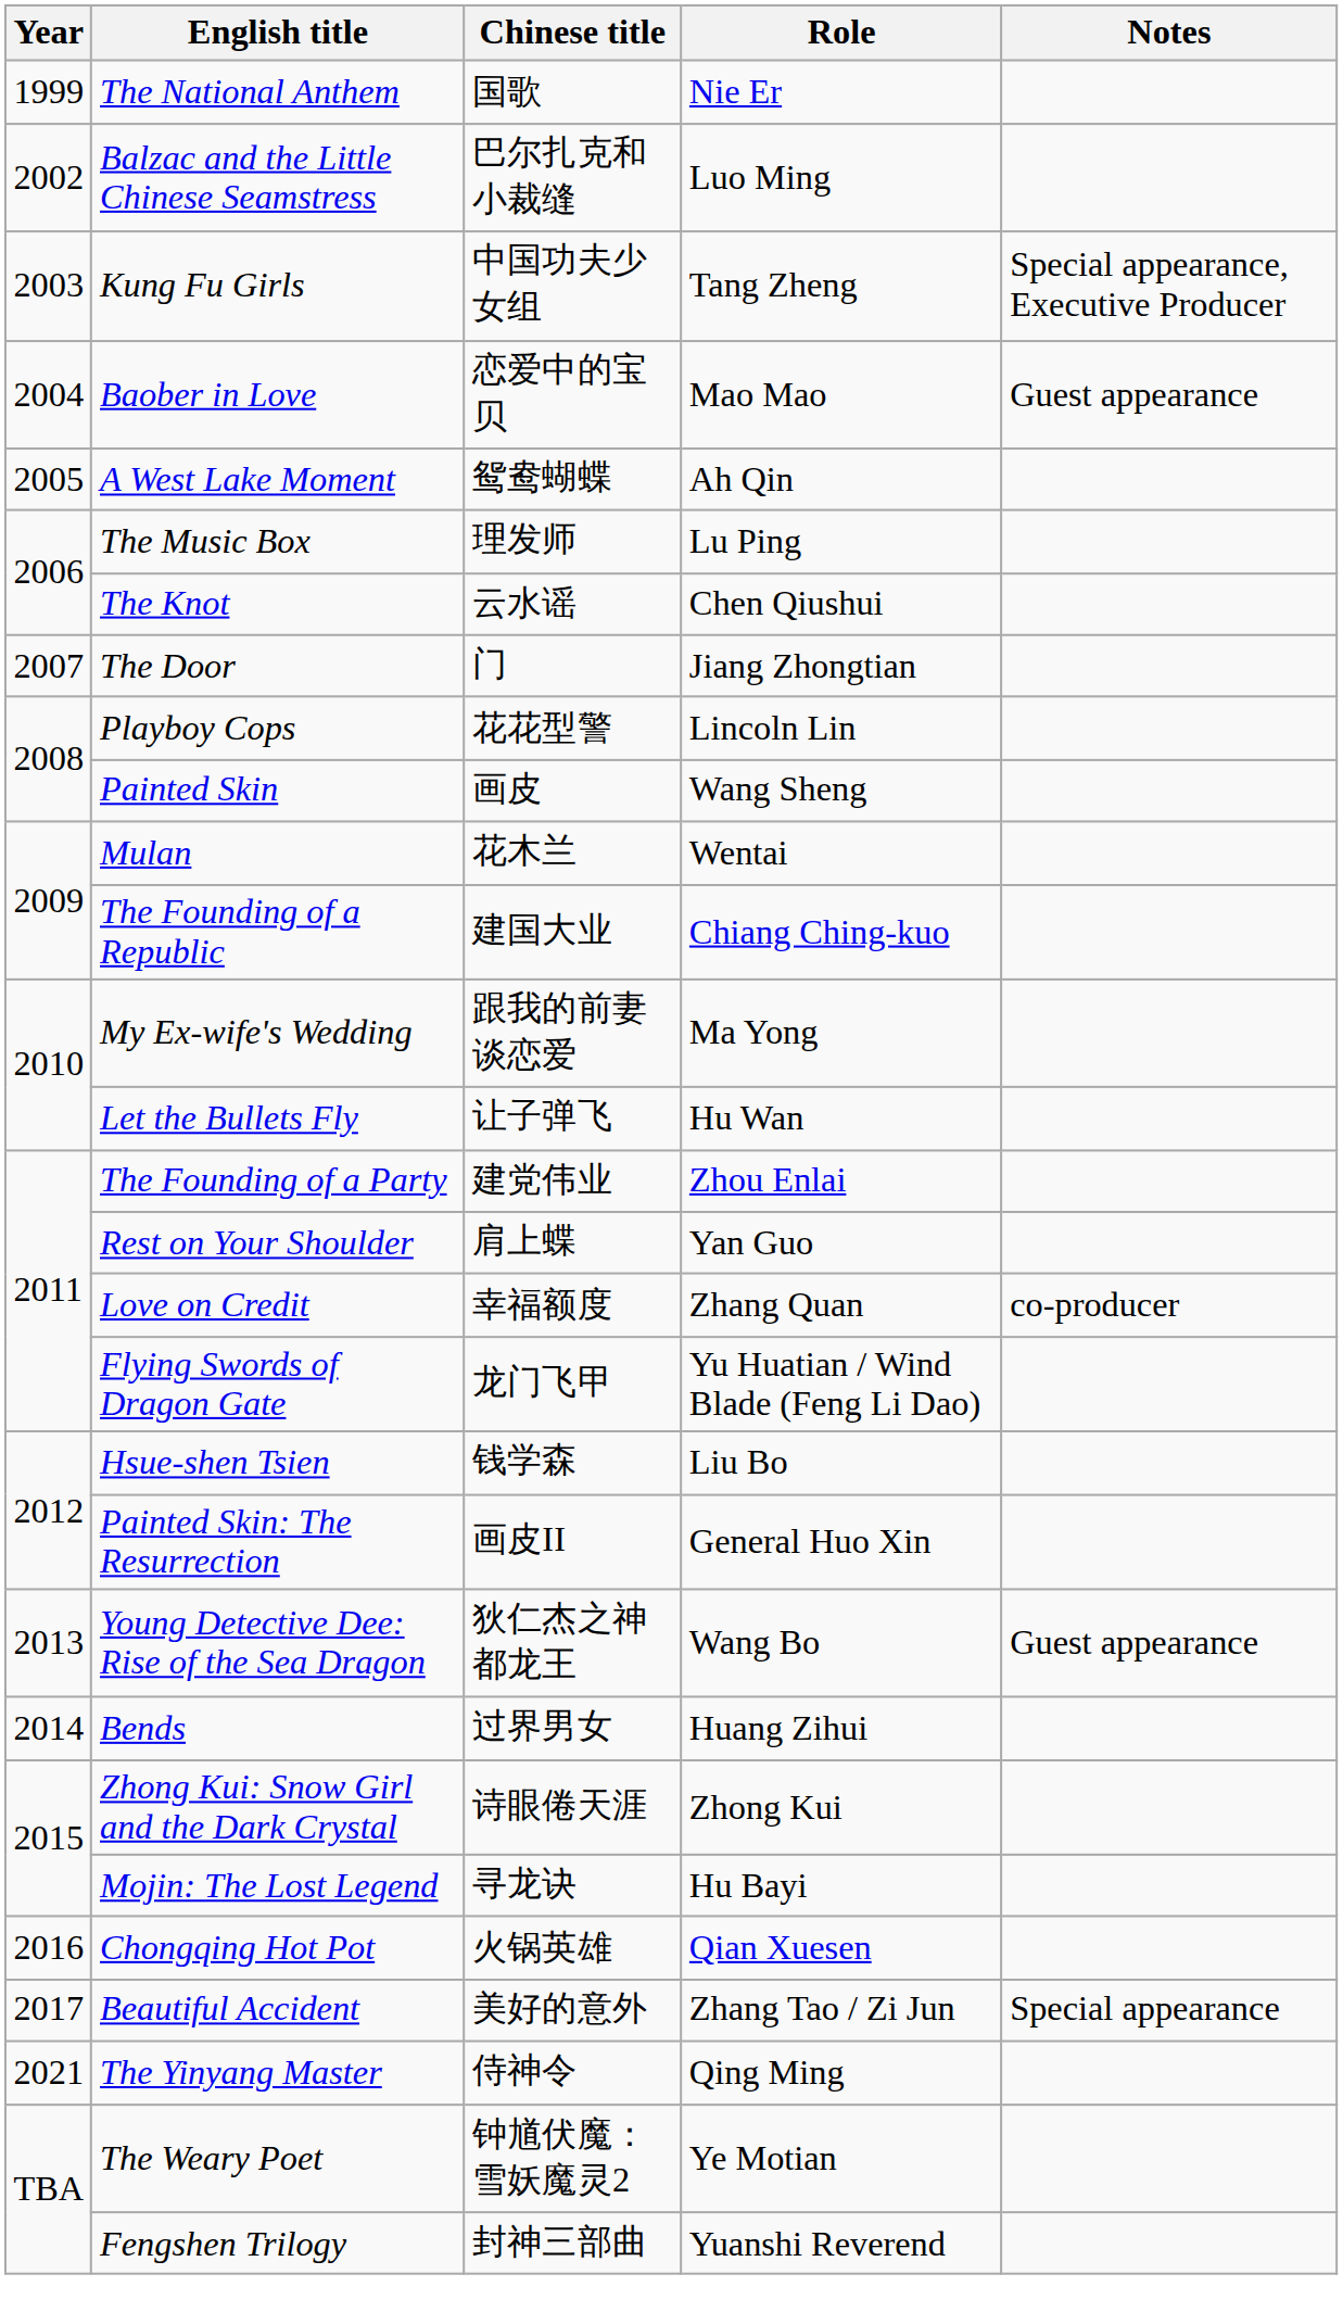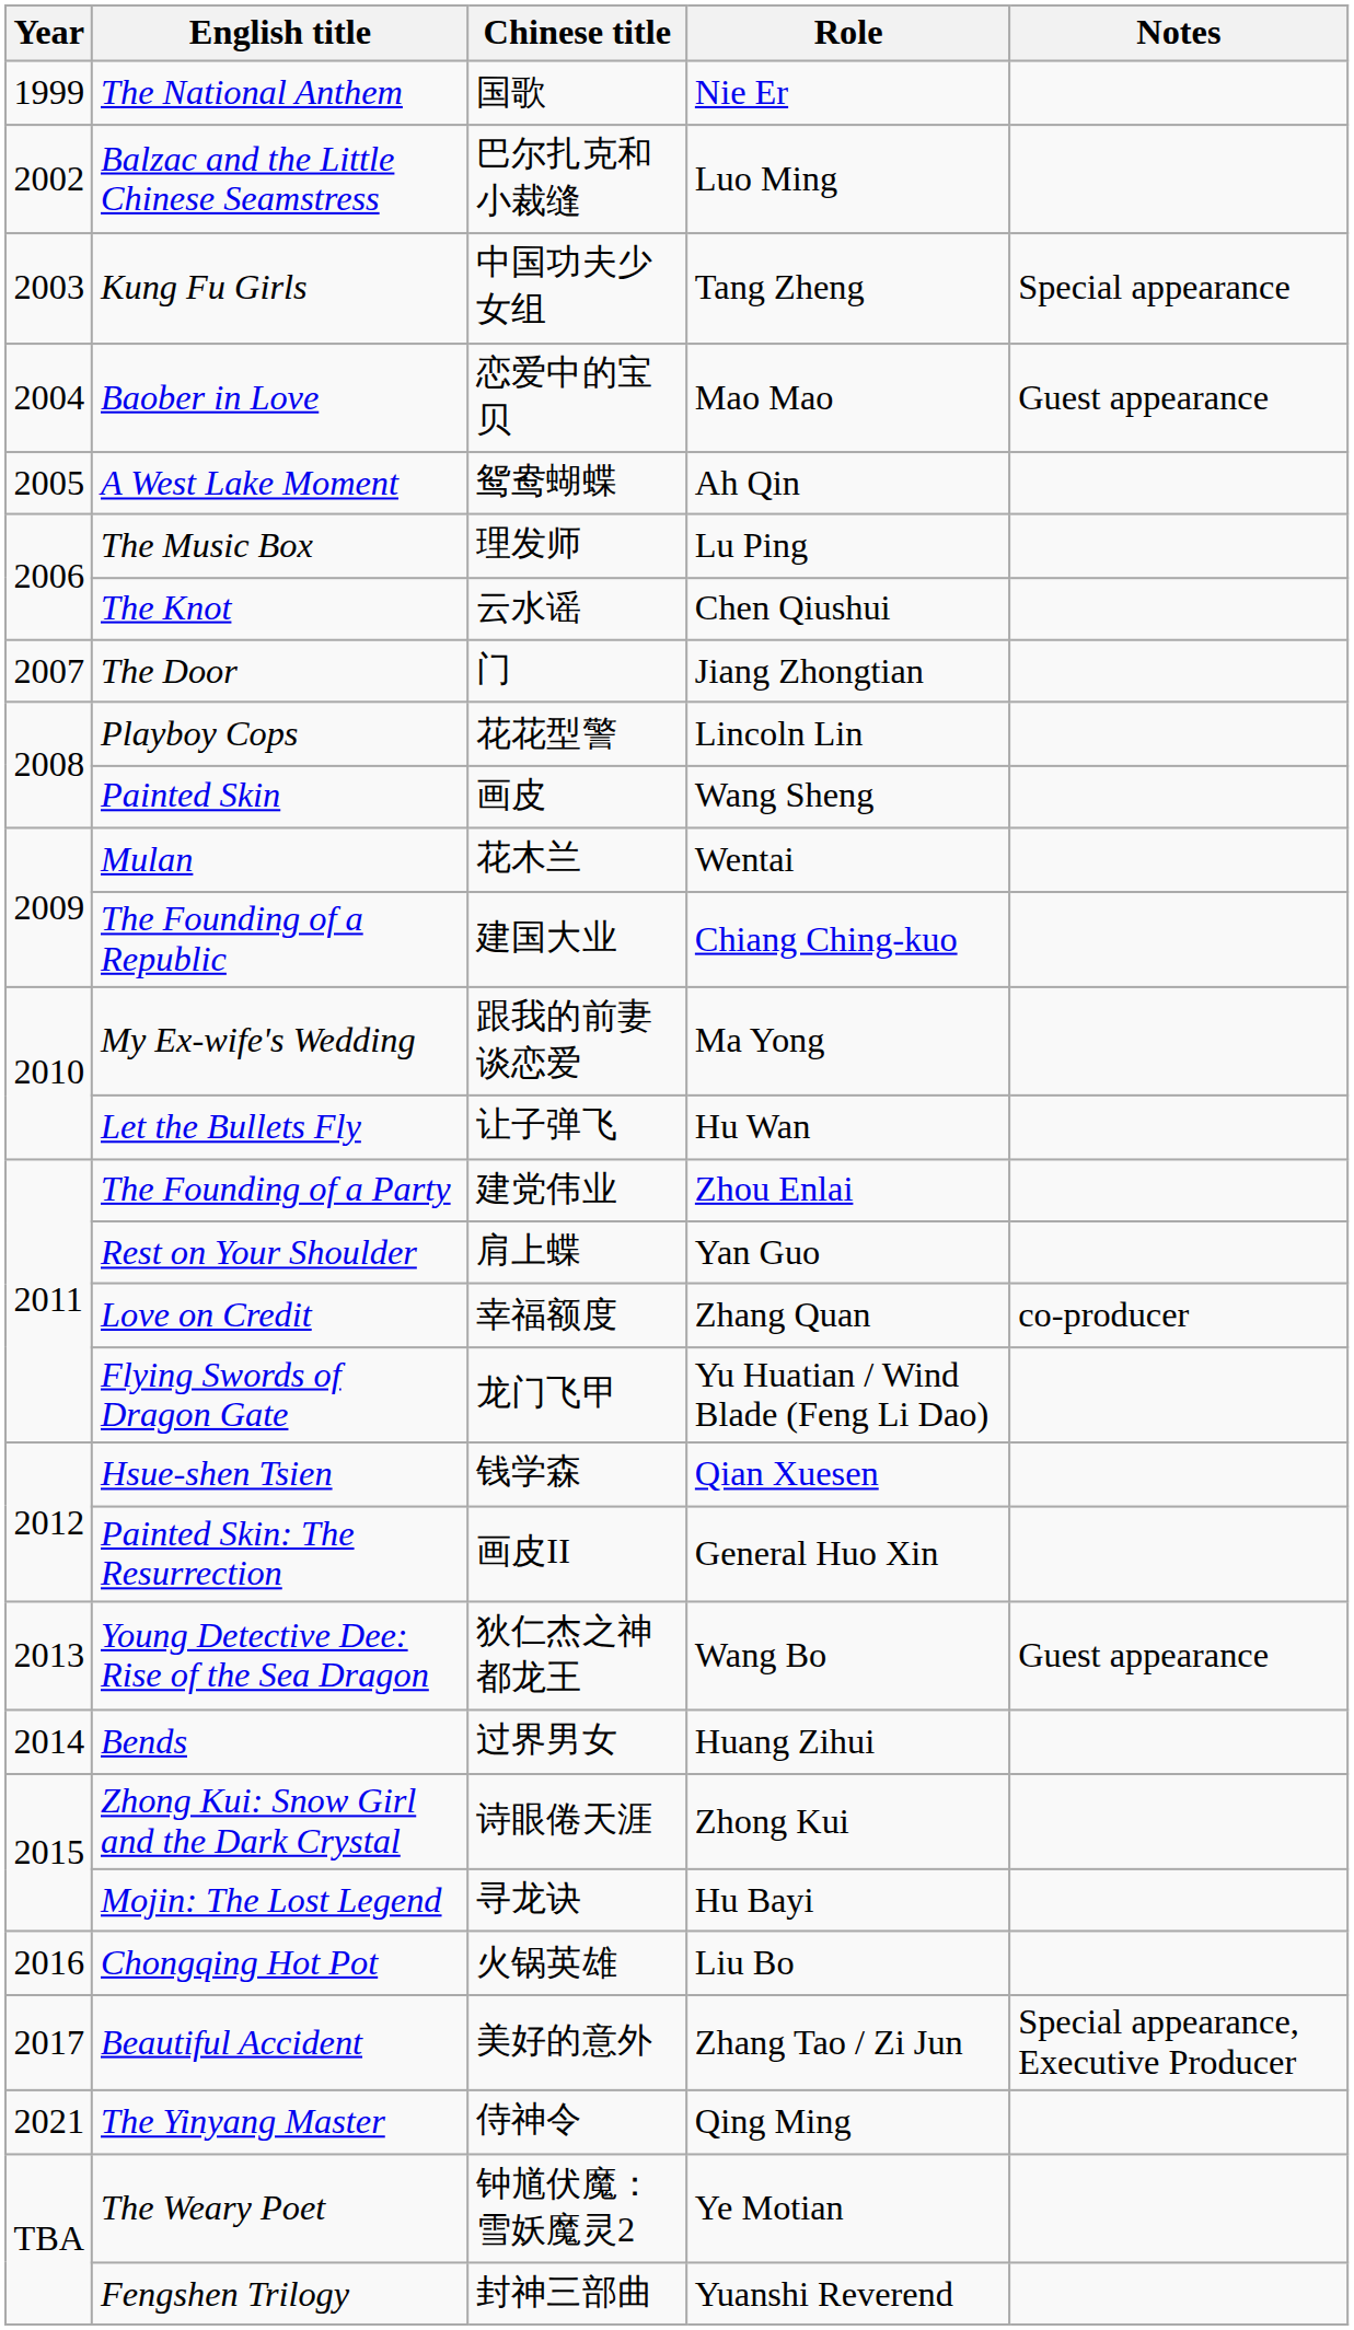 <table class="wikitable sortable">
 <tr>
 <th>Year</th>
 <th>English title</th>
 <th>Chinese title</th>
 <th>Role</th>
 <th>Notes</th>
 </tr>
 <tr>
 <td>1999</td>
 <td><em><a href='#'>The National Anthem</a></em></td>
 <td>国歌</td>
 <td><a href='#'>Nie Er</a></td>
 <td></td>
 </tr>
 <tr>
 <td>2002</td>
 <td><em><a href='#'>Balzac and the Little Chinese Seamstress</a></em></td>
 <td>巴尔扎克和小裁缝</td>
 <td>Luo Ming</td>
 <td></td>
 </tr>
 <tr>
 <td>2003</td>
 <td><em>Kung Fu Girls</em></td>
 <td>中国功夫少女组</td>
 <td>Tang Zheng</td>
-<td>Special appearance, Executive Producer</td>
+<td>Special appearance</td>
 </tr>
 <tr>
 <td>2004</td>
 <td><em><a href='#'>Baober in Love</a></em></td>
 <td>恋爱中的宝贝</td>
 <td>Mao Mao</td>
 <td>Guest appearance</td>
 </tr>
 <tr>
 <td>2005</td>
 <td><em><a href='#'>A West Lake Moment</a></em></td>
 <td>鸳鸯蝴蝶</td>
 <td>Ah Qin</td>
 <td></td>
 </tr>
 <tr>
 <td rowspan=2>2006</td>
 <td><em>The Music Box</em></td>
 <td>理发师</td>
 <td>Lu Ping</td>
 <td></td>
 </tr>
 <tr>
 <td><em><a href='#'>The Knot</a></em></td>
 <td>云水谣</td>
 <td>Chen Qiushui</td>
 <td></td>
 </tr>
 <tr>
 <td>2007</td>
 <td><em>The Door</em></td>
 <td>门</td>
 <td>Jiang Zhongtian</td>
 <td></td>
 </tr>
 <tr>
 <td rowspan=2>2008</td>
 <td><em>Playboy Cops</em></td>
 <td>花花型警</td>
 <td>Lincoln Lin</td>
 <td></td>
 </tr>
 <tr>
 <td><em><a href='#'>Painted Skin</a></em></td>
 <td>画皮</td>
 <td>Wang Sheng</td>
 <td></td>
 </tr>
 <tr>
 <td rowspan=2>2009</td>
 <td><em><a href='#'>Mulan</a></em></td>
 <td>花木兰</td>
 <td>Wentai</td>
 <td></td>
 </tr>
 <tr>
 <td><em><a href='#'>The Founding of a Republic</a></em></td>
 <td>建国大业</td>
 <td><a href='#'>Chiang Ching-kuo</a></td>
 <td></td>
 </tr>
 <tr>
 <td rowspan=2>2010</td>
 <td><em>My Ex-wife's Wedding</em></td>
 <td>跟我的前妻谈恋爱</td>
 <td>Ma Yong</td>
 <td></td>
 </tr>
 <tr>
 <td><em><a href='#'>Let the Bullets Fly</a></em></td>
 <td>让子弹飞</td>
 <td>Hu Wan</td>
 <td></td>
 </tr>
 <tr>
 <td rowspan=4>2011</td>
 <td><em><a href='#'>The Founding of a Party</a></em></td>
 <td>建党伟业</td>
 <td><a href='#'>Zhou Enlai</a></td>
 <td></td>
 </tr>
 <tr>
 <td><em><a href='#'>Rest on Your Shoulder</a></em></td>
 <td>肩上蝶</td>
 <td>Yan Guo</td>
 <td></td>
 </tr>
 <tr>
 <td><em><a href='#'>Love on Credit</a></em></td>
 <td>幸福额度</td>
 <td>Zhang Quan</td>
 <td>co-producer</td>
 </tr>
 <tr>
 <td><em><a href='#'>Flying Swords of Dragon Gate</a></em></td>
 <td>龙门飞甲</td>
 <td>Yu Huatian / Wind Blade (Feng Li Dao)</td>
 <td></td>
 </tr>
 <tr>
 <td rowspan=2>2012</td>
 <td><em><a href='#'>Hsue-shen Tsien</a></em></td>
 <td>钱学森</td>
-<td>Liu Bo</td>
+<td><a href='#'>Qian Xuesen</a></td>
 <td></td>
 </tr>
 <tr>
 <td><em><a href='#'>Painted Skin: The Resurrection</a></em></td>
 <td>画皮II</td>
 <td>General Huo Xin</td>
 <td></td>
 </tr>
 <tr>
 <td>2013</td>
 <td><em><a href='#'>Young Detective Dee: Rise of the Sea Dragon</a></em></td>
 <td>狄仁杰之神都龙王</td>
 <td>Wang Bo</td>
 <td>Guest appearance</td>
 </tr>
 <tr>
 <td>2014</td>
 <td><em><a href='#'>Bends</a></em></td>
 <td>过界男女</td>
 <td>Huang Zihui</td>
 <td></td>
 </tr>
 <tr>
 <td rowspan=2>2015</td>
 <td><em><a href='#'>Zhong Kui: Snow Girl and the Dark Crystal</a></em></td>
 <td>诗眼倦天涯</td>
 <td>Zhong Kui</td>
 <td></td>
 </tr>
 <tr>
 <td><em><a href='#'>Mojin: The Lost Legend</a></em></td>
 <td>寻龙诀</td>
 <td>Hu Bayi</td>
 <td></td>
 </tr>
 <tr>
 <td>2016</td>
 <td><em><a href='#'>Chongqing Hot Pot</a></em></td>
 <td>火锅英雄</td>
-<td><a href='#'>Qian Xuesen</a></td>
+<td>Liu Bo</td>
 <td></td>
 </tr>
 <tr>
 <td>2017</td>
 <td><em><a href='#'>Beautiful Accident</a></em></td>
 <td>美好的意外</td>
 <td>Zhang Tao / Zi Jun</td>
-<td>Special appearance</td>
+<td>Special appearance, Executive Producer</td>
 </tr>
 <tr>
 <td>2021</td>
 <td><em><a href='#'>The Yinyang Master</a></em></td>
 <td>侍神令</td>
 <td>Qing Ming</td>
 <td></td>
 </tr>
 <tr>
 <td rowspan=2>TBA</td>
 <td><em>The Weary Poet</em></td>
 <td>钟馗伏魔：雪妖魔灵2</td>
 <td>Ye Motian</td>
 <td></td>
 </tr>
 <tr>
 <td><em>Fengshen Trilogy</em></td>
 <td>封神三部曲</td>
 <td>Yuanshi Reverend</td>
 <td></td>
 </tr>
 </table>
